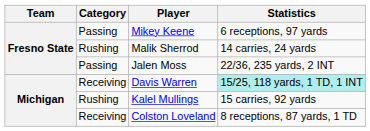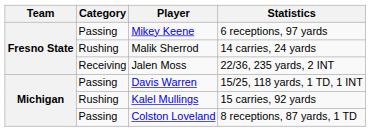 <table class="wikitable" style="float:right">
 <tr>
 <th>Team</th>
 <th>Category</th>
 <th>Player</th>
 <th>Statistics</th>
 </tr>
 <tr>
 <th rowspan=3>Fresno State</th>
 <td>Passing</td>
 <td><a href='#'>Mikey Keene</a></td>
 <td>6 receptions, 97 yards</td>
 </tr>
 <tr>
 <td>Rushing</td>
 <td>Malik Sherrod</td>
 <td>14 carries, 24 yards</td>
 </tr>
 <tr>
-<td>Passing</td>
+<td>Receiving</td>
 <td>Jalen Moss</td>
 <td>22/36, 235 yards, 2 INT</td>
 </tr>
 <tr>
 <th rowspan=3>Michigan</th>
-<td>Receiving</td>
+<td>Passing</td>
 <td><a href='#'>Davis Warren</a></td>
-<td style="background: paleturquoise;">15/25, 118 yards, 1 TD, 1 INT</td>
+<td>15/25, 118 yards, 1 TD, 1 INT</td>
 </tr>
 <tr>
 <td>Rushing</td>
 <td><a href='#'>Kalel Mullings</a></td>
 <td>15 carries, 92 yards</td>
 </tr>
 <tr>
-<td>Receiving</td>
+<td>Passing</td>
 <td><a href='#'>Colston Loveland</a></td>
 <td>8 receptions, 87 yards, 1 TD</td>
 </tr>
 </table>
